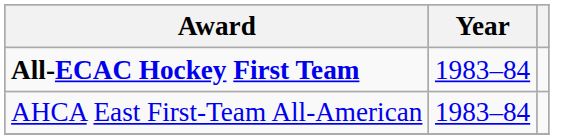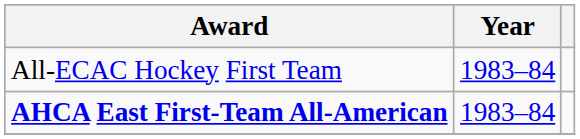 <table class="wikitable">
 <tr>
 <th>Award</th>
 <th>Year</th>
 <th></th>
 </tr>
 <tr>
-<td><strong>All-<a href='#'>ECAC Hockey</a> <a href='#'>First Team</a></strong></td>
+<td>All-<a href='#'>ECAC Hockey</a> <a href='#'>First Team</a></td>
 <td><a href='#'>1983–84</a></td>
 <td></td>
 </tr>
 <tr>
-<td><a href='#'>AHCA</a> <a href='#'>East First-Team All-American</a></td>
+<td><strong><a href='#'>AHCA</a> <a href='#'>East First-Team All-American</a></strong></td>
 <td><a href='#'>1983–84</a></td>
 <td></td>
 </tr>
 <tr>
 </tr>
 </table>
